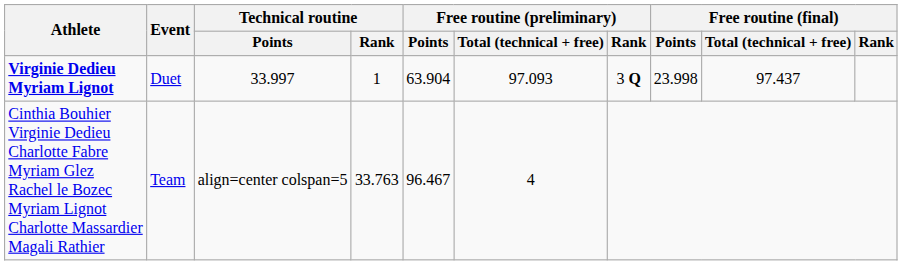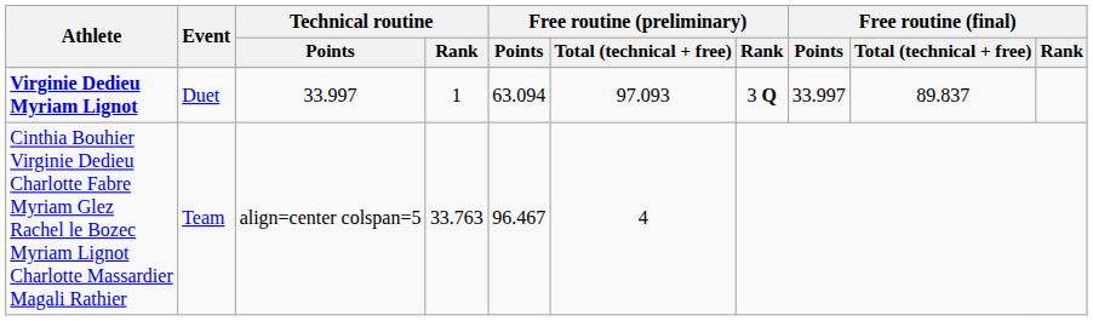 <table class="wikitable" style="font-size:90%">
 <tr>
 <th rowspan="2">Athlete</th>
 <th rowspan="2">Event</th>
 <th colspan=2>Technical routine</th>
 <th colspan=3>Free routine (preliminary)</th>
 <th colspan=3>Free routine (final)</th>
 </tr>
 <tr style="font-size:95%">
 <th>Points</th>
 <th>Rank</th>
 <th>Points</th>
 <th>Total (technical + free)</th>
 <th>Rank</th>
 <th>Points</th>
 <th>Total (technical + free)</th>
 <th>Rank</th>
 </tr>
 <tr>
 <td align=left><strong><a href='#'>Virginie Dedieu</a></strong><br> <strong><a href='#'>Myriam Lignot</a></strong></td>
 <td align=left><a href='#'>Duet</a></td>
 <td align=center>33.997</td>
 <td align=center>1</td>
-<td align=center>63.904</td>
+<td align=center>63.094</td>
 <td align=center>97.093</td>
 <td align=center>3 <strong>Q</strong></td>
-<td align=center>23.998</td>
-<td align=center>97.437</td>
+<td align=center>33.997</td>
+<td align=center>89.837</td>
 <td align=center></td>
 </tr>
 <tr>
 <td align=left><a href='#'>Cinthia Bouhier</a><br> <a href='#'>Virginie Dedieu</a><br> <a href='#'>Charlotte Fabre</a><br> <a href='#'>Myriam Glez</a><br> <a href='#'>Rachel le Bozec</a><br> <a href='#'>Myriam Lignot</a><br> <a href='#'>Charlotte Massardier</a><br> <a href='#'>Magali Rathier</a></td>
 <td align=left><a href='#'>Team</a></td>
 <td>align=center colspan=5 </td>
 <td align=center>33.763</td>
 <td align=center>96.467</td>
 <td align=center>4</td>
 </tr>
 </table>
